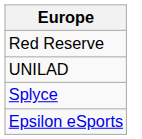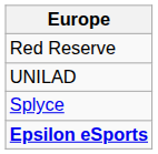 <table class="wikitable" style="display: inline-table; margin-left: 25px;">
 <tr>
 <th>Europe</th>
 </tr>
 <tr>
 <td>Red Reserve</td>
 </tr>
 <tr>
 <td>UNILAD</td>
 </tr>
 <tr>
 <td><a href='#'>Splyce</a></td>
 </tr>
 <tr>
-<td><a href='#'>Epsilon eSports</a></td>
+<td><strong><a href='#'>Epsilon eSports</a></strong></td>
 </tr>
 </table>
